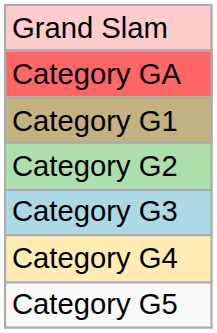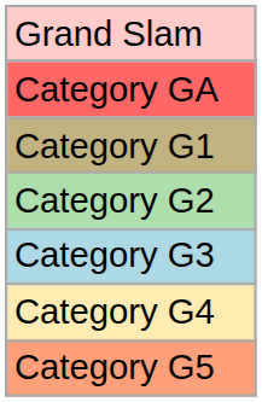 <table class="wikitable" style="font-size:85%;" width=11%>
 <tr bgcolor=#ffcccc>
 <td>Grand Slam</td>
 </tr>
 <tr bgcolor=#FF6666>
 <td>Category GA</td>
 </tr>
 <tr bgcolor=#C2B280>
 <td>Category G1</td>
 </tr>
 <tr bgcolor="#ADDFAD">
 <td>Category G2</td>
 </tr>
 <tr bgcolor="lightblue">
 <td>Category G3</td>
 </tr>
 <tr bgcolor=#ffecb2>
 <td>Category G4</td>
 </tr>
 <tr>
-<td>Category G5</td>
+<td style="background: lightsalmon;">Category G5</td>
 </tr>
 </table>
